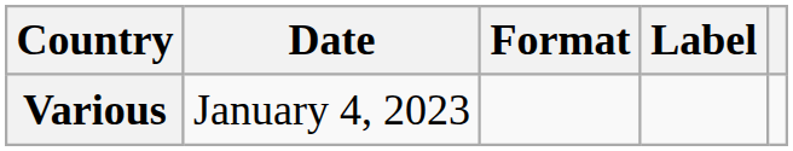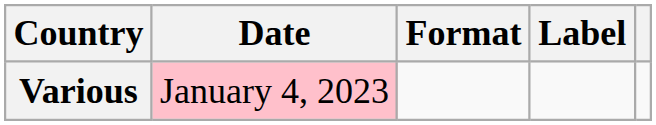 <table class="wikitable plainrowheaders" border="1">
 <tr>
 <th scope="col">Country</th>
 <th scope="col">Date</th>
 <th scope="col">Format</th>
 <th scope="col">Label</th>
 <th scope="col"></th>
 </tr>
 <tr>
 <th scope="row">Various</th>
-<td>January 4, 2023</td>
+<td style="background: pink;">January 4, 2023</td>
 <td></td>
 <td rowspan="2"></td>
 <td style="text-align:center;"></td>
 </tr>
 </table>
